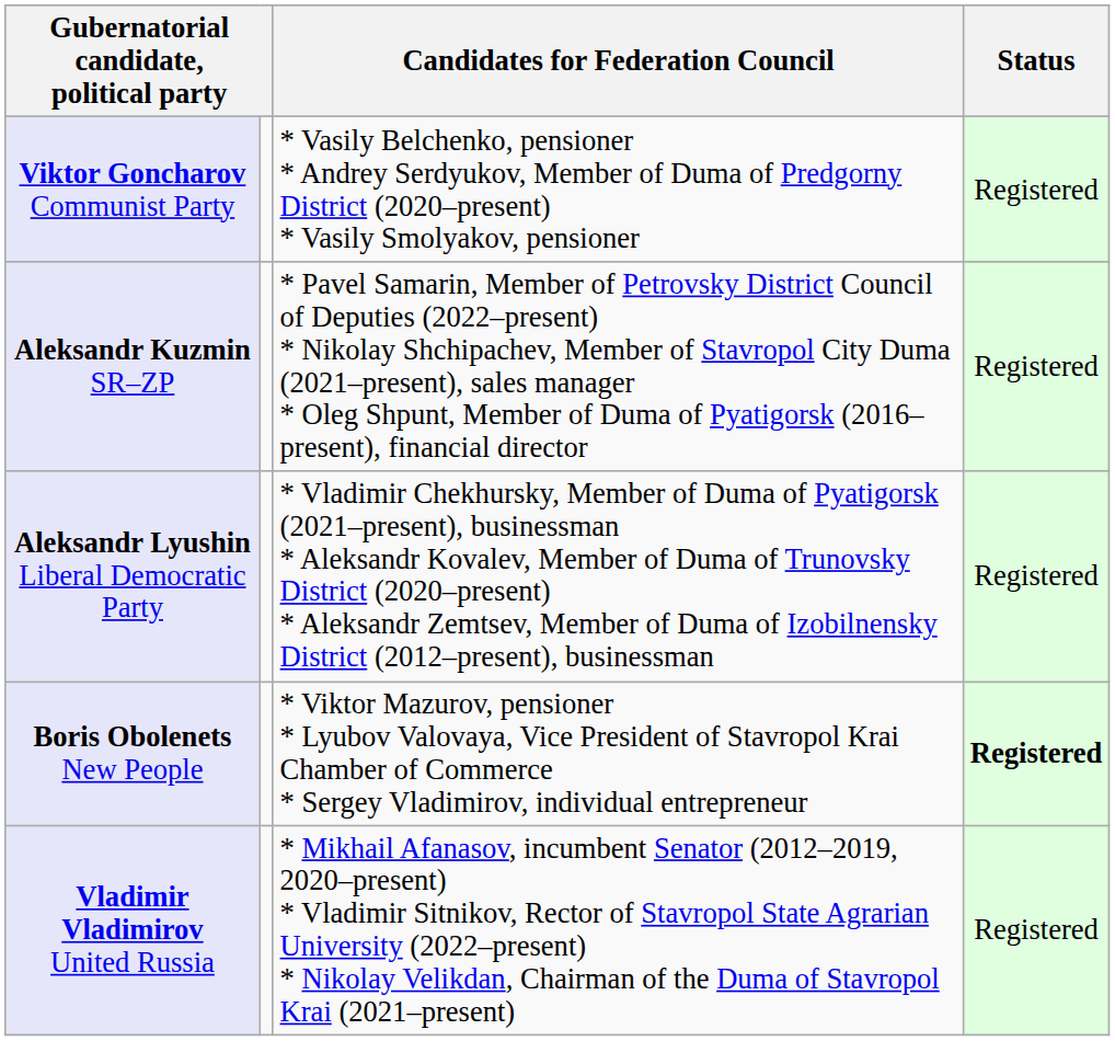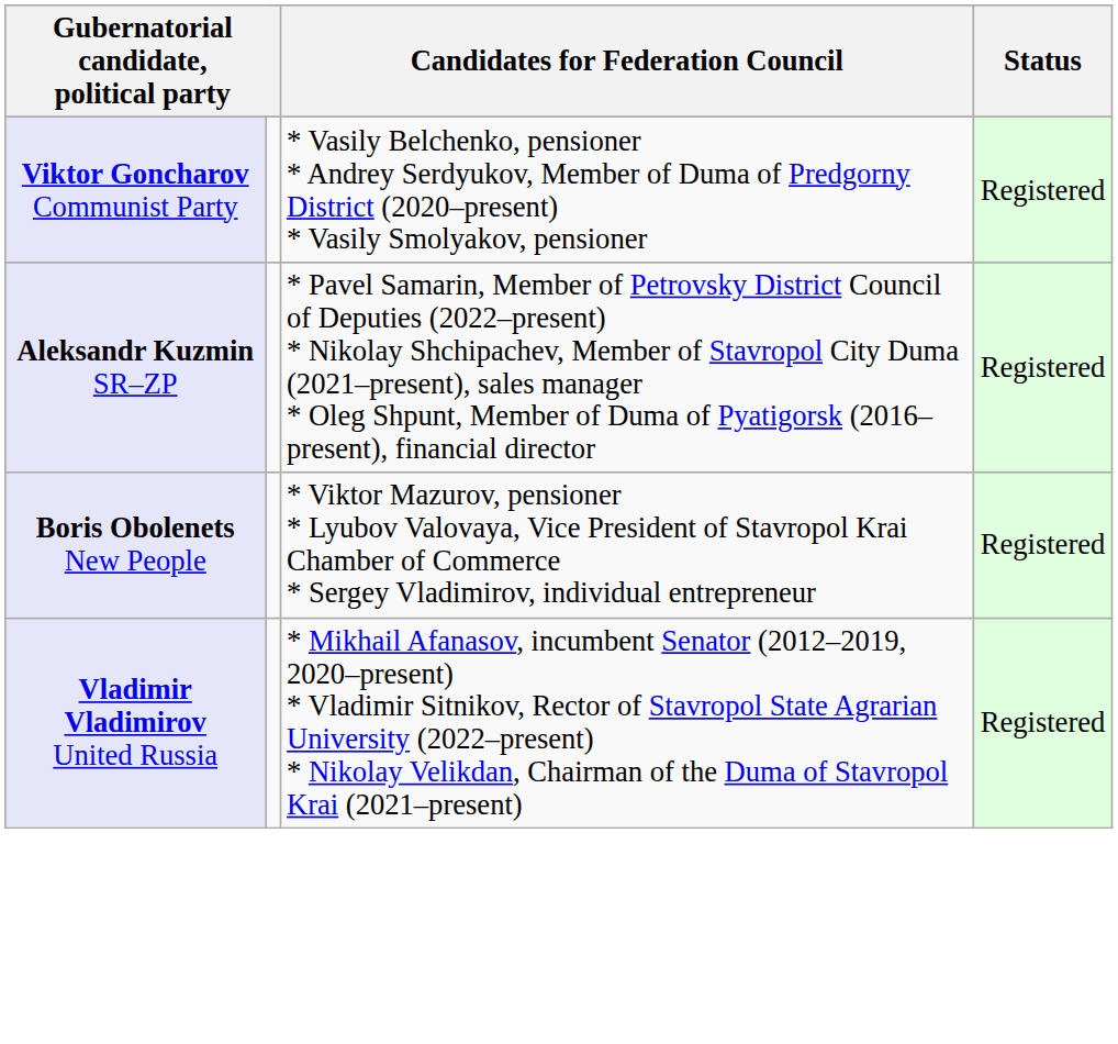 <table class="wikitable" style="text-align:center;">
 <tr>
 <th colspan="2">Gubernatorial candidate,<br>political party</th>
 <th>Candidates for Federation Council</th>
 <th>Status</th>
 </tr>
 <tr>
 <td style="background:lavender;"><strong><a href='#'>Viktor Goncharov</a></strong><br><a href='#'>Communist Party</a></td>
 <td style="background-color:"></td>
 <td align=left>* Vasily Belchenko, pensioner<br> * Andrey Serdyukov, Member of Duma of <a href='#'>Predgorny District</a> (2020–present)<br> * Vasily Smolyakov, pensioner</td>
 <td bgcolor="#DFFFDF">Registered</td>
 </tr>
 <tr>
 <td style="background:lavender;"><strong>Aleksandr Kuzmin</strong><br><a href='#'>SR–ZP</a></td>
 <td style="background-color:"></td>
 <td align=left>* Pavel Samarin, Member of <a href='#'>Petrovsky District</a> Council of Deputies (2022–present)<br> * Nikolay Shchipachev, Member of <a href='#'>Stavropol</a> City Duma (2021–present), sales manager<br> * Oleg Shpunt, Member of Duma of <a href='#'>Pyatigorsk</a> (2016–present), financial director</td>
 <td bgcolor="#DFFFDF">Registered</td>
 </tr>
 <tr>
-<td style="background:lavender;"><strong>Aleksandr Lyushin</strong><br><a href='#'>Liberal Democratic Party</a></td>
-<td style="background-color:"></td>
-<td align=left>* Vladimir Chekhursky, Member of Duma of <a href='#'>Pyatigorsk</a> (2021–present), businessman<br> * Aleksandr Kovalev, Member of Duma of <a href='#'>Trunovsky District</a> (2020–present)<br> * Aleksandr Zemtsev, Member of Duma of <a href='#'>Izobilnensky District</a> (2012–present), businessman</td>
-<td bgcolor="#DFFFDF">Registered</td>
-</tr>
-<tr>
 <td style="background:lavender;"><strong>Boris Obolenets</strong><br><a href='#'>New People</a></td>
 <td style="background-color:"></td>
 <td align=left>* Viktor Mazurov, pensioner<br>* Lyubov Valovaya, Vice President of Stavropol Krai Chamber of Commerce<br>* Sergey Vladimirov, individual entrepreneur</td>
-<td bgcolor="#DFFFDF"><strong>Registered</strong></td>
+<td bgcolor="#DFFFDF">Registered</td>
 </tr>
 <tr>
 <td style="background:lavender;"><strong><a href='#'>Vladimir Vladimirov</a></strong><br><a href='#'>United Russia</a></td>
 <td style="background-color:"></td>
 <td align=left>* <a href='#'>Mikhail Afanasov</a>, incumbent <a href='#'>Senator</a> (2012–2019, 2020–present)<br> * Vladimir Sitnikov, Rector of <a href='#'>Stavropol State Agrarian University</a> (2022–present)<br> * <a href='#'>Nikolay Velikdan</a>, Chairman of the <a href='#'>Duma of Stavropol Krai</a> (2021–present)</td>
 <td bgcolor="#DFFFDF">Registered</td>
 </tr>
 </table>
